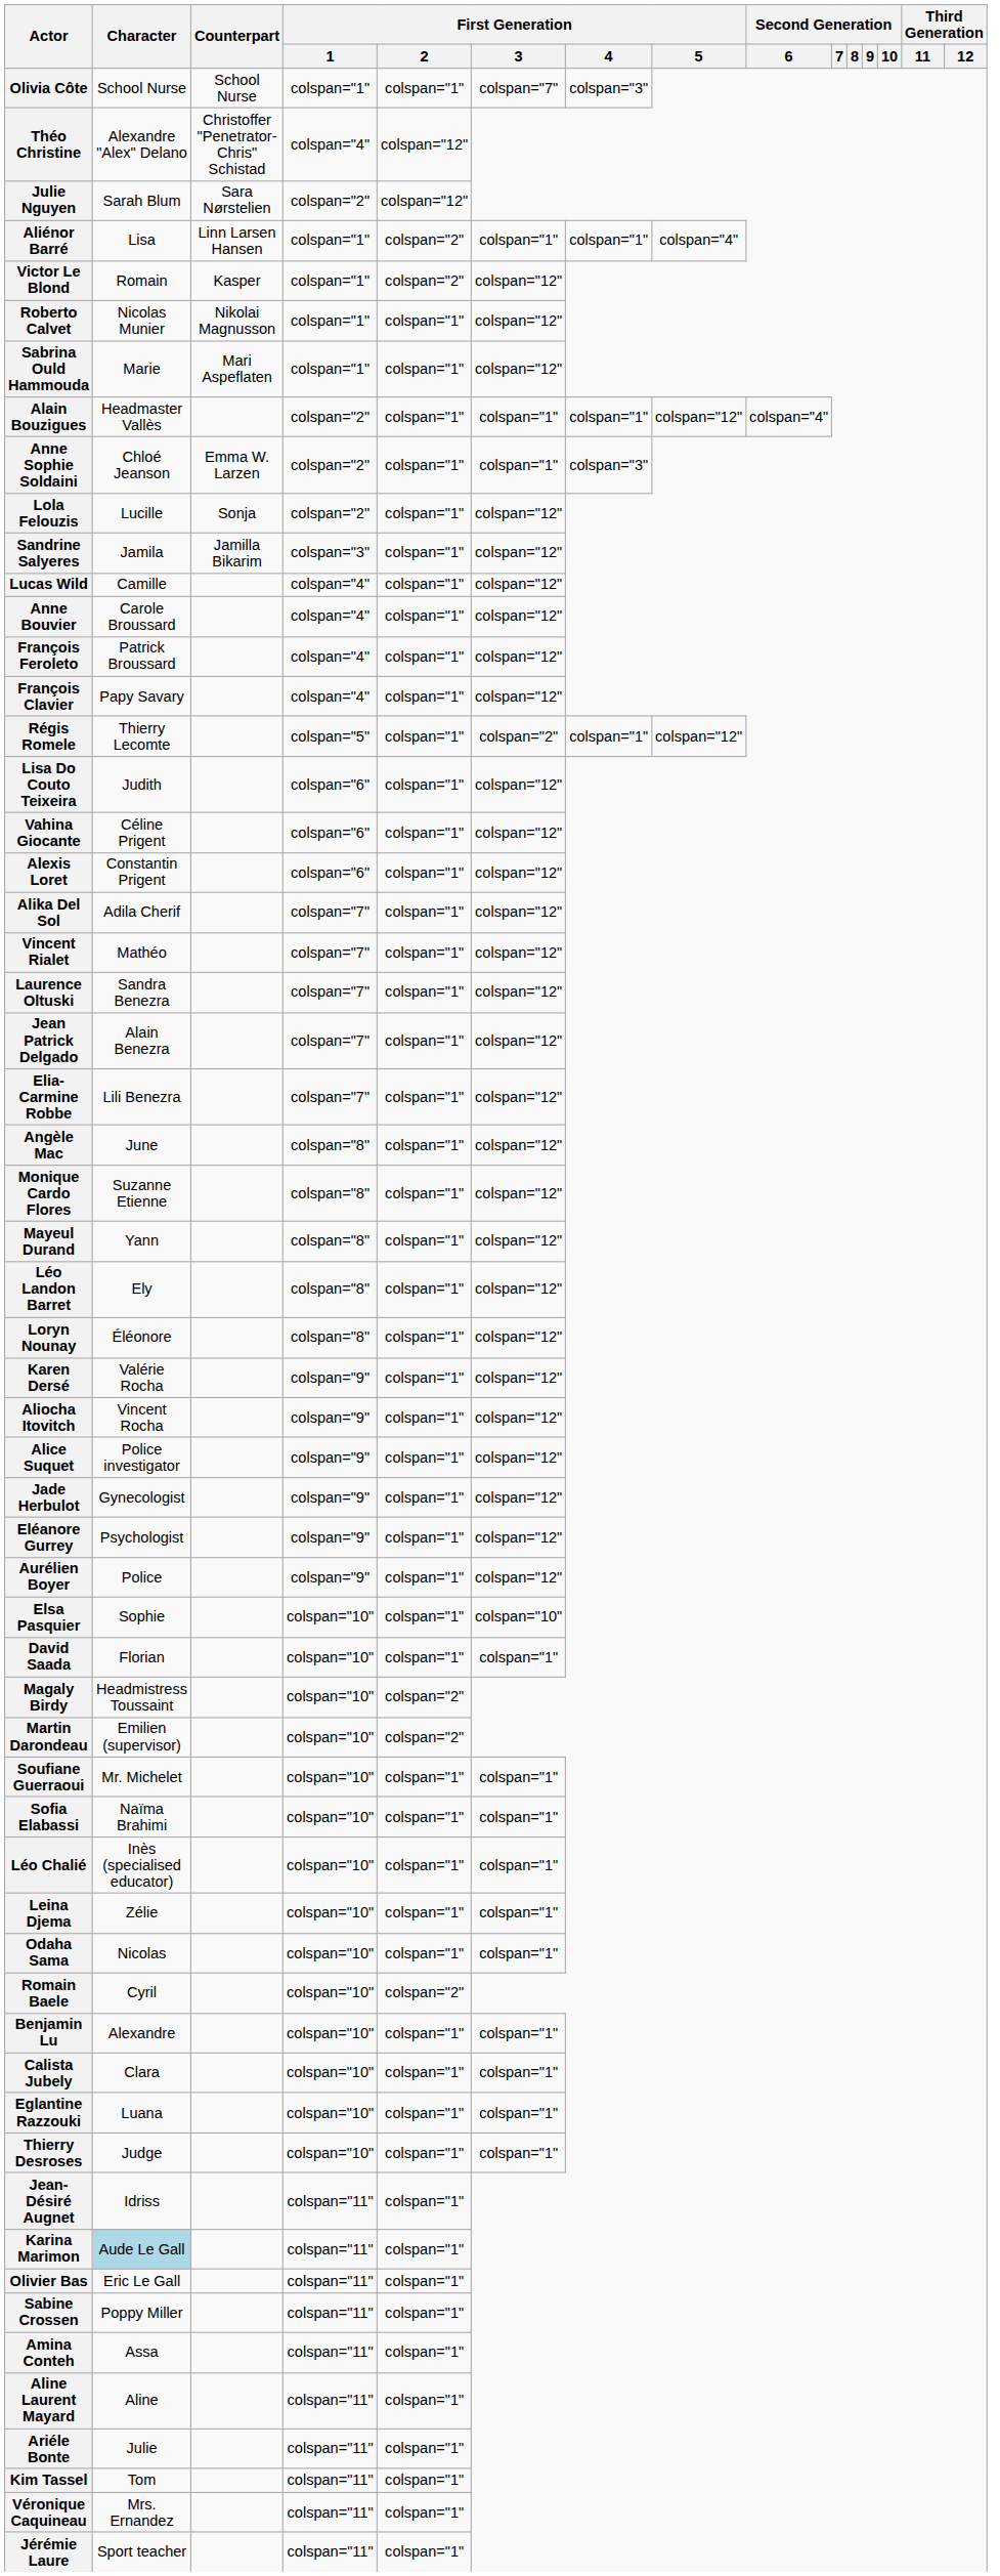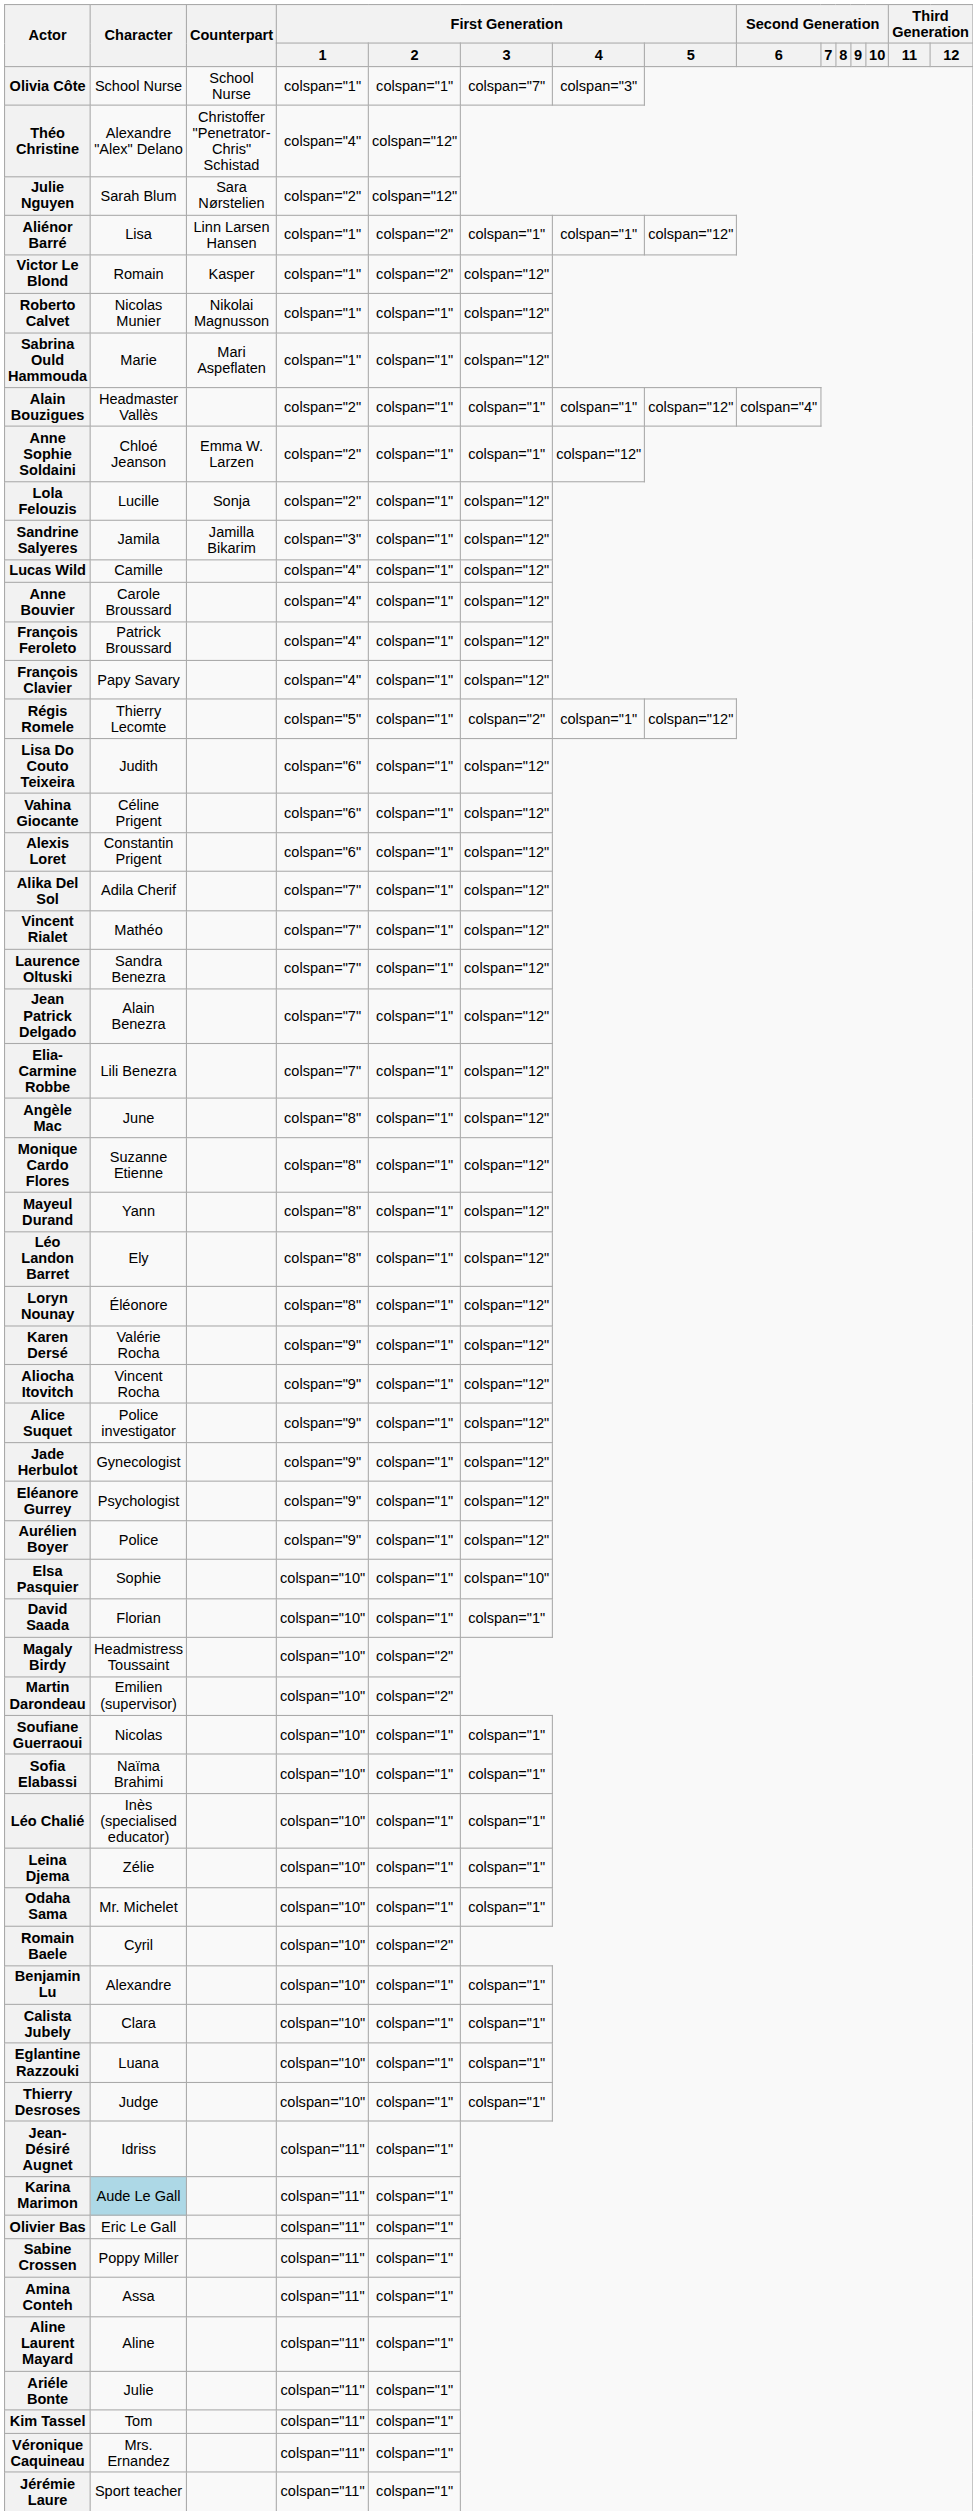 <table class="wikitable plainrowheaders" style="text-align:center; font-size:85%; width:100%">
 <tr>
 <th scope="col" rowspan="2" style="width:10%;">Actor</th>
 <th scope="col" rowspan="2" style="width:10%;">Character</th>
 <th scope="col" rowspan="2" style="width:10%;">Counterpart</th>
 <th colspan="5">First Generation</th>
 <th colspan="5">Second Generation</th>
 <th colspan="2">Third Generation</th>
 </tr>
 <tr>
 <th scope="col" style="width:4%;">1</th>
 <th scope="col" style="width:4%;">2</th>
 <th scope="col" style="width:4%;">3</th>
 <th scope="col" style="width:4%;">4</th>
 <th scope="col" style="width:4%;">5</th>
 <th scope="col" style="width:4%;">6</th>
 <th scope="col" style="width:4%;">7</th>
 <th scope="col" style="width:4%;">8</th>
 <th scope="col" style="width:4%;">9</th>
 <th scope="col" style="width:4%;">10</th>
 <th scope="col" style="width:4%;">11</th>
 <th scope="col" style="width:4%;">12</th>
 </tr>
 <tr>
 <th scope="row">Olivia Côte</th>
 <td>School Nurse</td>
 <td>School Nurse</td>
 <td>colspan="1" </td>
 <td>colspan="1" </td>
 <td>colspan="7" </td>
 <td>colspan="3" </td>
 </tr>
 <tr>
 <th scope="row">Théo Christine</th>
 <td>Alexandre "Alex" Delano</td>
 <td>Christoffer "Penetrator-Chris" Schistad</td>
 <td>colspan="4" </td>
 <td>colspan="12" </td>
 </tr>
 <tr>
 <th scope="row">Julie Nguyen</th>
 <td>Sarah Blum</td>
 <td>Sara Nørstelien</td>
 <td>colspan="2" </td>
 <td>colspan="12" </td>
 </tr>
 <tr>
 <th scope="row">Aliénor Barré</th>
 <td>Lisa</td>
 <td>Linn Larsen Hansen</td>
 <td>colspan="1" </td>
 <td>colspan="2" </td>
 <td>colspan="1" </td>
 <td>colspan="1" </td>
-<td>colspan="4" </td>
+<td>colspan="12" </td>
 </tr>
 <tr>
 <th scope="row">Victor Le Blond</th>
 <td>Romain</td>
 <td>Kasper</td>
 <td>colspan="1" </td>
 <td>colspan="2" </td>
 <td>colspan="12" </td>
 </tr>
 <tr>
 <th scope="row">Roberto Calvet</th>
 <td>Nicolas Munier</td>
 <td>Nikolai Magnusson</td>
 <td>colspan="1" </td>
 <td>colspan="1" </td>
 <td>colspan="12" </td>
 </tr>
 <tr>
 <th scope="row">Sabrina Ould Hammouda</th>
 <td>Marie</td>
 <td>Mari Aspeflaten</td>
 <td>colspan="1" </td>
 <td>colspan="1" </td>
 <td>colspan="12" </td>
 </tr>
 <tr>
 <th scope="row">Alain Bouzigues</th>
 <td>Headmaster Vallès</td>
 <td></td>
 <td>colspan="2" </td>
 <td>colspan="1" </td>
 <td>colspan="1" </td>
 <td>colspan="1" </td>
 <td>colspan="12" </td>
 <td>colspan="4" </td>
 </tr>
 <tr>
 <th scope="row">Anne Sophie Soldaini</th>
 <td>Chloé Jeanson</td>
 <td>Emma W. Larzen</td>
 <td>colspan="2" </td>
 <td>colspan="1" </td>
 <td>colspan="1" </td>
-<td>colspan="3" </td>
+<td>colspan="12" </td>
 </tr>
 <tr>
 <th scope="row">Lola Felouzis</th>
 <td>Lucille</td>
 <td>Sonja</td>
 <td>colspan="2" </td>
 <td>colspan="1" </td>
 <td>colspan="12" </td>
 </tr>
 <tr>
 <th scope="row">Sandrine Salyeres</th>
 <td>Jamila</td>
 <td>Jamilla Bikarim</td>
 <td>colspan="3" </td>
 <td>colspan="1" </td>
 <td>colspan="12" </td>
 </tr>
 <tr>
 <th scope="row">Lucas Wild</th>
 <td>Camille</td>
 <td></td>
 <td>colspan="4" </td>
 <td>colspan="1" </td>
 <td>colspan="12" </td>
 </tr>
 <tr>
 <th scope="row">Anne Bouvier</th>
 <td>Carole Broussard</td>
 <td></td>
 <td>colspan="4" </td>
 <td>colspan="1" </td>
 <td>colspan="12" </td>
 </tr>
 <tr>
 <th scope="row">François Feroleto</th>
 <td>Patrick Broussard</td>
 <td></td>
 <td>colspan="4" </td>
 <td>colspan="1" </td>
 <td>colspan="12" </td>
 </tr>
 <tr>
 <th scope="row">François Clavier</th>
 <td>Papy Savary</td>
 <td></td>
 <td>colspan="4" </td>
 <td>colspan="1" </td>
 <td>colspan="12" </td>
 </tr>
 <tr>
 <th scope="row">Régis Romele</th>
 <td>Thierry Lecomte</td>
 <td></td>
 <td>colspan="5" </td>
 <td>colspan="1" </td>
 <td>colspan="2" </td>
 <td>colspan="1" </td>
 <td>colspan="12" </td>
 </tr>
 <tr>
 <th scope="row">Lisa Do Couto Teixeira</th>
 <td>Judith</td>
 <td></td>
 <td>colspan="6" </td>
 <td>colspan="1" </td>
 <td>colspan="12" </td>
 </tr>
 <tr>
 <th scope="row">Vahina Giocante</th>
 <td>Céline Prigent</td>
 <td></td>
 <td>colspan="6" </td>
 <td>colspan="1" </td>
 <td>colspan="12" </td>
 </tr>
 <tr>
 <th scope="row">Alexis Loret</th>
 <td>Constantin Prigent</td>
 <td></td>
 <td>colspan="6" </td>
 <td>colspan="1" </td>
 <td>colspan="12" </td>
 </tr>
 <tr>
 <th scope="row">Alika Del Sol</th>
 <td>Adila Cherif</td>
 <td></td>
 <td>colspan="7" </td>
 <td>colspan="1" </td>
 <td>colspan="12" </td>
 </tr>
 <tr>
 <th scope="row">Vincent Rialet</th>
 <td>Mathéo</td>
 <td></td>
 <td>colspan="7" </td>
 <td>colspan="1" </td>
 <td>colspan="12" </td>
 </tr>
 <tr>
 <th scope="row">Laurence Oltuski</th>
 <td>Sandra Benezra</td>
 <td></td>
 <td>colspan="7" </td>
 <td>colspan="1" </td>
 <td>colspan="12" </td>
 </tr>
 <tr>
 <th scope="row">Jean Patrick Delgado</th>
 <td>Alain Benezra</td>
 <td></td>
 <td>colspan="7" </td>
 <td>colspan="1" </td>
 <td>colspan="12" </td>
 </tr>
 <tr>
 <th scope="row">Elia-Carmine Robbe</th>
 <td>Lili Benezra</td>
 <td></td>
 <td>colspan="7" </td>
 <td>colspan="1" </td>
 <td>colspan="12" </td>
 </tr>
 <tr>
 <th scope="row">Angèle Mac</th>
 <td>June</td>
 <td></td>
 <td>colspan="8" </td>
 <td>colspan="1" </td>
 <td>colspan="12" </td>
 </tr>
 <tr>
 <th scope="row">Monique Cardo Flores</th>
 <td>Suzanne Etienne</td>
 <td></td>
 <td>colspan="8" </td>
 <td>colspan="1" </td>
 <td>colspan="12" </td>
 </tr>
 <tr>
 <th scope="row">Mayeul Durand</th>
 <td>Yann</td>
 <td></td>
 <td>colspan="8" </td>
 <td>colspan="1" </td>
 <td>colspan="12" </td>
 </tr>
 <tr>
 <th scope="row">Léo Landon Barret</th>
 <td>Ely</td>
 <td></td>
 <td>colspan="8" </td>
 <td>colspan="1" </td>
 <td>colspan="12" </td>
 </tr>
 <tr>
 <th scope="row">Loryn Nounay</th>
 <td>Éléonore</td>
 <td></td>
 <td>colspan="8" </td>
 <td>colspan="1" </td>
 <td>colspan="12" </td>
 </tr>
 <tr>
 <th scope="row">Karen Dersé</th>
 <td>Valérie Rocha</td>
 <td></td>
 <td>colspan="9" </td>
 <td>colspan="1" </td>
 <td>colspan="12" </td>
 </tr>
 <tr>
 <th scope="row">Aliocha Itovitch</th>
 <td>Vincent Rocha</td>
 <td></td>
 <td>colspan="9" </td>
 <td>colspan="1" </td>
 <td>colspan="12" </td>
 </tr>
 <tr>
 <th scope="row">Alice Suquet</th>
 <td>Police investigator</td>
 <td></td>
 <td>colspan="9" </td>
 <td>colspan="1" </td>
 <td>colspan="12" </td>
 </tr>
 <tr>
 <th scope="row">Jade Herbulot</th>
 <td>Gynecologist</td>
 <td></td>
 <td>colspan="9" </td>
 <td>colspan="1" </td>
 <td>colspan="12" </td>
 </tr>
 <tr>
 <th scope="row">Eléanore Gurrey</th>
 <td>Psychologist</td>
 <td></td>
 <td>colspan="9" </td>
 <td>colspan="1" </td>
 <td>colspan="12" </td>
 </tr>
 <tr>
 <th scope="row">Aurélien Boyer</th>
 <td>Police</td>
 <td></td>
 <td>colspan="9" </td>
 <td>colspan="1" </td>
 <td>colspan="12" </td>
 </tr>
 <tr>
 <th scope="row">Elsa Pasquier</th>
 <td>Sophie</td>
 <td></td>
 <td>colspan="10" </td>
 <td>colspan="1" </td>
 <td>colspan="10" </td>
 </tr>
 <tr>
 <th scope="row">David Saada</th>
 <td>Florian</td>
 <td></td>
 <td>colspan="10" </td>
 <td>colspan="1" </td>
 <td>colspan="1" </td>
 </tr>
 <tr>
 <th scope="row">Magaly Birdy</th>
 <td>Headmistress Toussaint</td>
 <td></td>
 <td>colspan="10" </td>
 <td>colspan="2" </td>
 </tr>
 <tr>
 <th scope="row">Martin Darondeau</th>
 <td>Emilien (supervisor)</td>
 <td></td>
 <td>colspan="10" </td>
 <td>colspan="2" </td>
 </tr>
 <tr>
 <th scope="row">Soufiane Guerraoui</th>
-<td>Mr. Michelet</td>
+<td>Nicolas</td>
 <td></td>
 <td>colspan="10" </td>
 <td>colspan="1" </td>
 <td>colspan="1" </td>
 </tr>
 <tr>
 <th scope="row">Sofia Elabassi</th>
 <td>Naïma Brahimi</td>
 <td></td>
 <td>colspan="10" </td>
 <td>colspan="1" </td>
 <td>colspan="1" </td>
 </tr>
 <tr>
 <th scope="row">Léo Chalié</th>
 <td>Inès (specialised educator)</td>
 <td></td>
 <td>colspan="10" </td>
 <td>colspan="1" </td>
 <td>colspan="1" </td>
 </tr>
 <tr>
 <th scope="row">Leina Djema</th>
 <td>Zélie</td>
 <td></td>
 <td>colspan="10" </td>
 <td>colspan="1" </td>
 <td>colspan="1" </td>
 </tr>
 <tr>
 <th scope="row">Odaha Sama</th>
-<td>Nicolas</td>
+<td>Mr. Michelet</td>
 <td></td>
 <td>colspan="10" </td>
 <td>colspan="1" </td>
 <td>colspan="1" </td>
 </tr>
 <tr>
 <th scope="row">Romain Baele</th>
 <td>Cyril</td>
 <td></td>
 <td>colspan="10" </td>
 <td>colspan="2" </td>
 </tr>
 <tr>
 <th scope="row">Benjamin Lu</th>
 <td>Alexandre</td>
 <td></td>
 <td>colspan="10" </td>
 <td>colspan="1" </td>
 <td>colspan="1" </td>
 </tr>
 <tr>
 <th scope="row">Calista Jubely</th>
 <td>Clara</td>
 <td></td>
 <td>colspan="10" </td>
 <td>colspan="1" </td>
 <td>colspan="1" </td>
 </tr>
 <tr>
 <th scope="row">Eglantine Razzouki</th>
 <td>Luana</td>
 <td></td>
 <td>colspan="10" </td>
 <td>colspan="1" </td>
 <td>colspan="1" </td>
 </tr>
 <tr>
 <th scope="row">Thierry Desroses</th>
 <td>Judge</td>
 <td></td>
 <td>colspan="10" </td>
 <td>colspan="1" </td>
 <td>colspan="1" </td>
 </tr>
 <tr>
 <th scope="row">Jean-Désiré Augnet</th>
 <td>Idriss</td>
 <td></td>
 <td>colspan="11" </td>
 <td>colspan="1" </td>
 </tr>
 <tr>
 <th scope="row">Karina Marimon</th>
 <td style="background: lightblue;">Aude Le Gall</td>
 <td></td>
 <td>colspan="11" </td>
 <td>colspan="1" </td>
 </tr>
 <tr>
 <th scope="row">Olivier Bas</th>
 <td>Eric Le Gall</td>
 <td></td>
 <td>colspan="11" </td>
 <td>colspan="1" </td>
 </tr>
 <tr>
 <th scope="row">Sabine Crossen</th>
 <td>Poppy Miller</td>
 <td></td>
 <td>colspan="11" </td>
 <td>colspan="1" </td>
 </tr>
 <tr>
 <th scope="row">Amina Conteh</th>
 <td>Assa</td>
 <td></td>
 <td>colspan="11" </td>
 <td>colspan="1" </td>
 </tr>
 <tr>
 <th scope="row">Aline Laurent Mayard</th>
 <td>Aline</td>
 <td></td>
 <td>colspan="11" </td>
 <td>colspan="1" </td>
 </tr>
 <tr>
 <th scope="row">Ariéle Bonte</th>
 <td>Julie</td>
 <td></td>
 <td>colspan="11" </td>
 <td>colspan="1" </td>
 </tr>
 <tr>
 <th scope="row">Kim Tassel</th>
 <td>Tom</td>
 <td></td>
 <td>colspan="11" </td>
 <td>colspan="1" </td>
 </tr>
 <tr>
 <th scope="row">Véronique Caquineau</th>
 <td>Mrs. Ernandez</td>
 <td></td>
 <td>colspan="11" </td>
 <td>colspan="1" </td>
 </tr>
 <tr>
 <th scope="row">Jérémie Laure</th>
 <td>Sport teacher</td>
 <td></td>
 <td>colspan="11" </td>
 <td>colspan="1" </td>
 </tr>
 <tr>
 </tr>
 </table>
